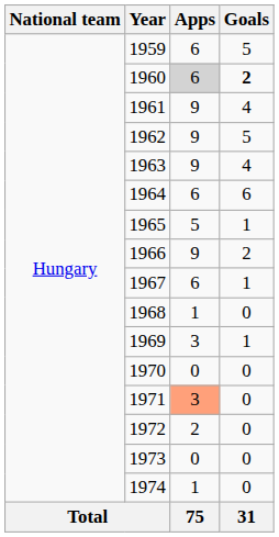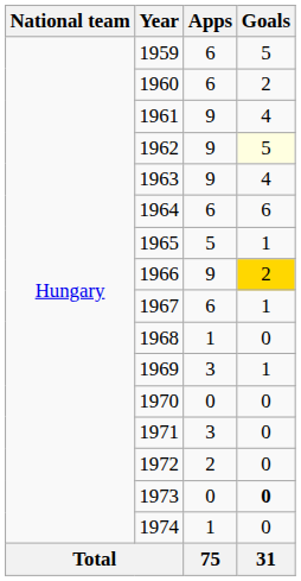 <table class="wikitable" style="text-align:center">
 <tr>
 <th>National team</th>
 <th>Year</th>
 <th>Apps</th>
 <th>Goals</th>
 </tr>
 <tr>
 <td rowspan="16"><a href='#'>Hungary</a></td>
 <td>1959</td>
 <td>6</td>
 <td>5</td>
 </tr>
 <tr>
 <td>1960</td>
-<td style="background: lightgrey;">6</td>
-<td><strong>2</strong></td>
+<td>6</td>
+<td>2</td>
 </tr>
 <tr>
 <td>1961</td>
 <td>9</td>
 <td>4</td>
 </tr>
 <tr>
 <td>1962</td>
 <td>9</td>
-<td>5</td>
+<td style="background: lightyellow;">5</td>
 </tr>
 <tr>
 <td>1963</td>
 <td>9</td>
 <td>4</td>
 </tr>
 <tr>
 <td>1964</td>
 <td>6</td>
 <td>6</td>
 </tr>
 <tr>
 <td>1965</td>
 <td>5</td>
 <td>1</td>
 </tr>
 <tr>
 <td>1966</td>
 <td>9</td>
-<td>2</td>
+<td style="background: gold;">2</td>
 </tr>
 <tr>
 <td>1967</td>
 <td>6</td>
 <td>1</td>
 </tr>
 <tr>
 <td>1968</td>
 <td>1</td>
 <td>0</td>
 </tr>
 <tr>
 <td>1969</td>
 <td>3</td>
 <td>1</td>
 </tr>
 <tr>
 <td>1970</td>
 <td>0</td>
 <td>0</td>
 </tr>
 <tr>
 <td>1971</td>
-<td style="background: lightsalmon;">3</td>
+<td>3</td>
 <td>0</td>
 </tr>
 <tr>
 <td>1972</td>
 <td>2</td>
 <td>0</td>
 </tr>
 <tr>
 <td>1973</td>
 <td>0</td>
-<td>0</td>
+<td><strong>0</strong></td>
 </tr>
 <tr>
 <td>1974</td>
 <td>1</td>
 <td>0</td>
 </tr>
 <tr>
 <th colspan="2">Total</th>
 <th>75</th>
 <th>31</th>
 </tr>
 </table>
